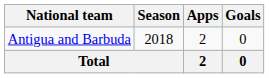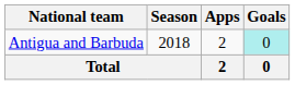 <table class="wikitable" style="text-align:center">
 <tr>
 <th>National team</th>
 <th>Season</th>
 <th>Apps</th>
 <th>Goals</th>
 </tr>
 <tr>
 <td><a href='#'>Antigua and Barbuda</a></td>
 <td>2018</td>
 <td>2</td>
-<td>0</td>
+<td style="background: paleturquoise;">0</td>
 </tr>
 <tr>
 <th colspan="2">Total</th>
 <th>2</th>
 <th>0</th>
 </tr>
 </table>
